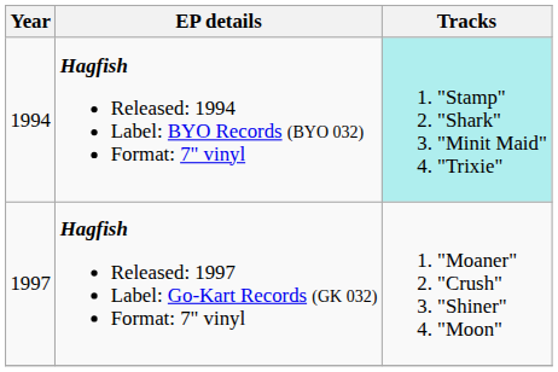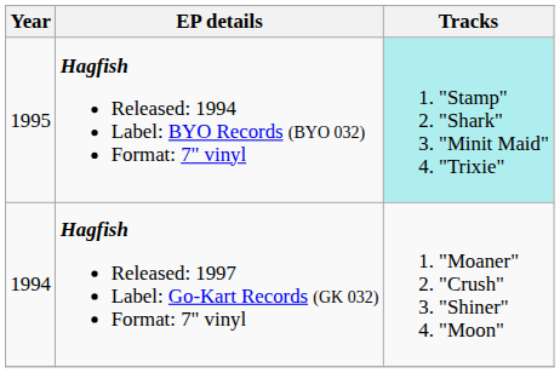 <table class ="wikitable">
 <tr>
 <th>Year</th>
 <th>EP details</th>
 <th>Tracks</th>
 </tr>
 <tr>
-<td>1994</td>
+<td>1995</td>
 <td><strong><em>Hagfish</em></strong><br><ul><li>Released: 1994</li><li>Label: <a href='#'>BYO Records</a> <small>(BYO 032)</small></li><li>Format: <a href='#'>7" vinyl</a></li></ul></td>
 <td style="background: paleturquoise;"><br><ol><li>"Stamp"</li><li>"Shark"</li><li>"Minit Maid"</li><li>"Trixie"</li></ol></td>
 </tr>
 <tr>
-<td>1997</td>
+<td>1994</td>
 <td><strong><em>Hagfish</em></strong><br><ul><li>Released: 1997</li><li>Label: <a href='#'>Go-Kart Records</a> <small>(GK 032)</small></li><li>Format: 7" vinyl</li></ul></td>
 <td><br><ol><li>"Moaner"</li><li>"Crush"</li><li>"Shiner"</li><li>"Moon"</li></ol></td>
 </tr>
 <tr>
 </tr>
 </table>
